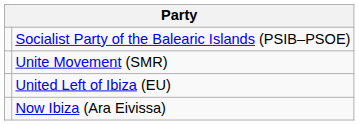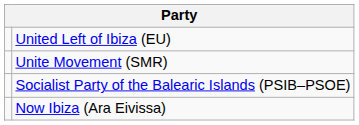 <table class="wikitable" style="text-align:left;">
 <tr>
 <th colspan="2">Party</th>
+</tr>
+<tr>
+<td></td>
+<td><a href='#'>United Left of Ibiza</a> (EU)</td>
+</tr>
+<tr>
+<td></td>
+<td><a href='#'>Unite Movement</a> (SMR)</td>
 </tr>
 <tr>
 <td width="1"></td>
 <td><a href='#'>Socialist Party of the Balearic Islands</a> (PSIB–PSOE)</td>
 </tr>
 <tr>
 <td></td>
-<td><a href='#'>Unite Movement</a> (SMR)</td>
-</tr>
-<tr>
-<td></td>
-<td><a href='#'>United Left of Ibiza</a> (EU)</td>
-</tr>
-<tr>
-<td></td>
 <td><a href='#'>Now Ibiza</a> (Ara Eivissa)</td>
 </tr>
 </table>
